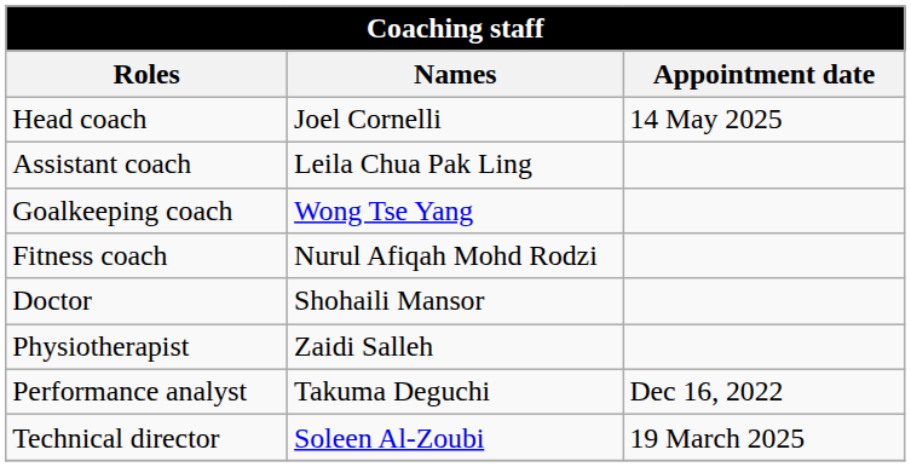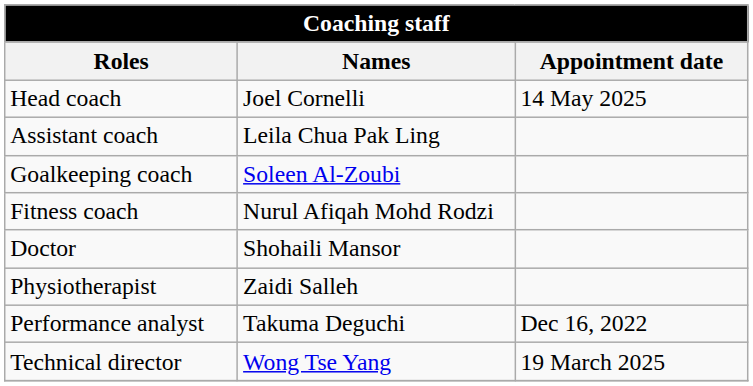 <table class="wikitable">
 <tr>
 <th colspan=5 style="background: #000000; color: #FFFFFF;">Coaching staff</th>
 </tr>
 <tr>
 <th width=150px>Roles</th>
 <th width=180px>Names</th>
 <th width=150px>Appointment date</th>
 </tr>
 <tr>
 <td>Head coach</td>
 <td> Joel Cornelli</td>
 <td>14 May 2025</td>
 </tr>
 <tr>
 <td>Assistant coach</td>
 <td> Leila Chua Pak Ling</td>
 <td></td>
 </tr>
 <tr>
 <td>Goalkeeping coach</td>
-<td> <a href='#'>Wong Tse Yang</a></td>
+<td> <a href='#'>Soleen Al-Zoubi</a></td>
 <td></td>
 </tr>
 <tr>
 <td>Fitness coach</td>
 <td> Nurul Afiqah Mohd Rodzi</td>
 <td></td>
 </tr>
 <tr>
 <td>Doctor</td>
 <td> Shohaili Mansor</td>
 <td></td>
 </tr>
 <tr>
 <td>Physiotherapist</td>
 <td> Zaidi Salleh</td>
 <td></td>
 </tr>
 <tr>
 <td>Performance analyst</td>
 <td> Takuma Deguchi</td>
 <td>Dec 16, 2022</td>
 </tr>
 <tr>
 <td>Technical director</td>
-<td> <a href='#'>Soleen Al-Zoubi</a></td>
+<td> <a href='#'>Wong Tse Yang</a></td>
 <td>19 March 2025</td>
 </tr>
 <tr>
 </tr>
 </table>
